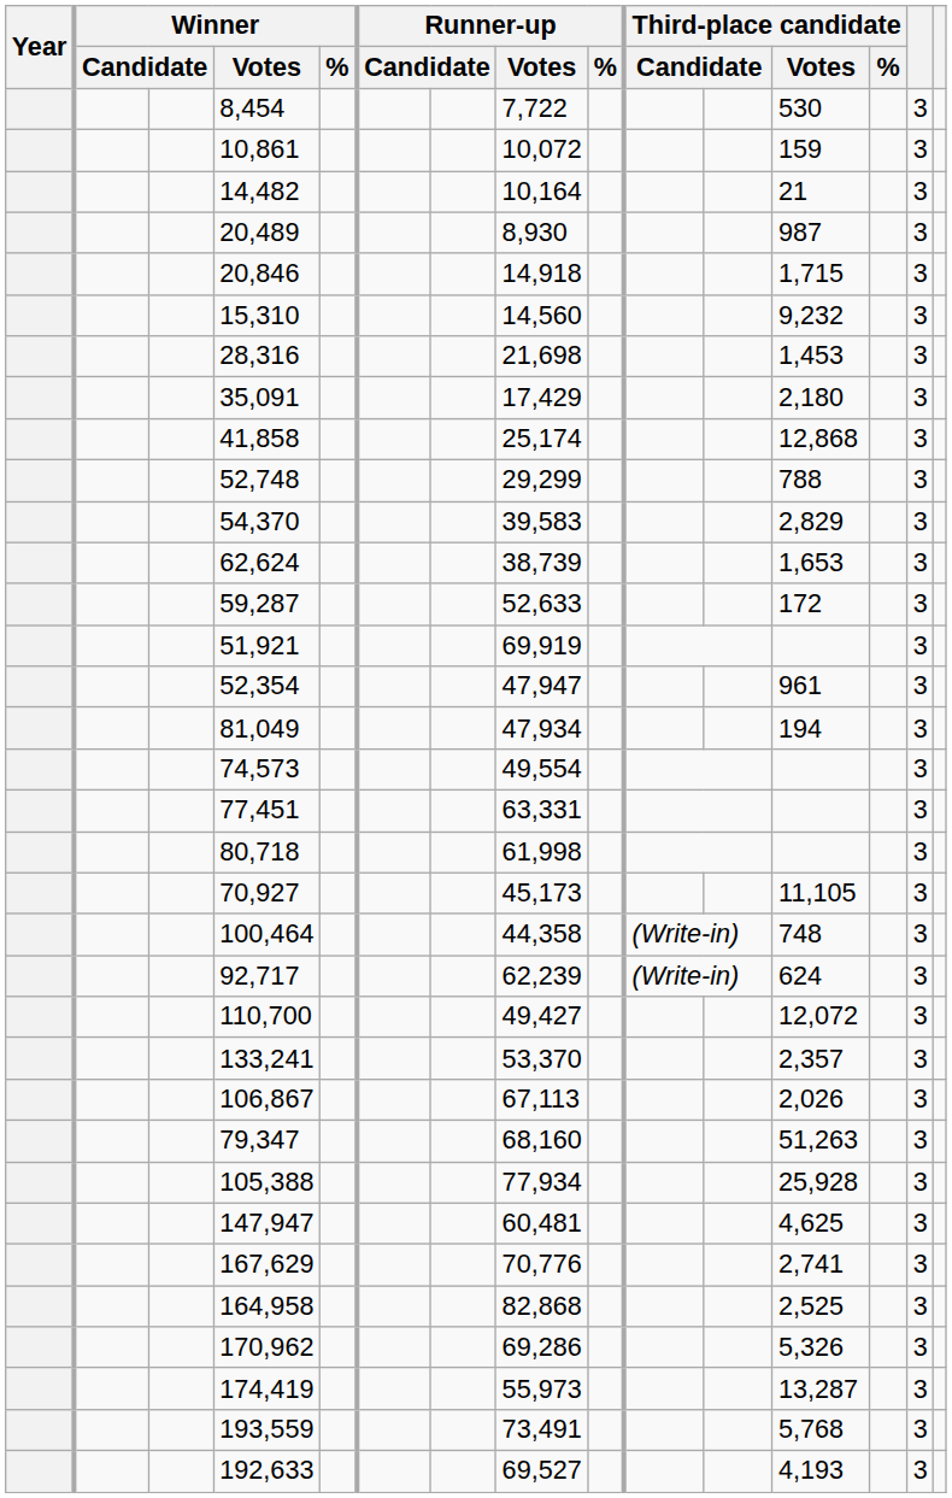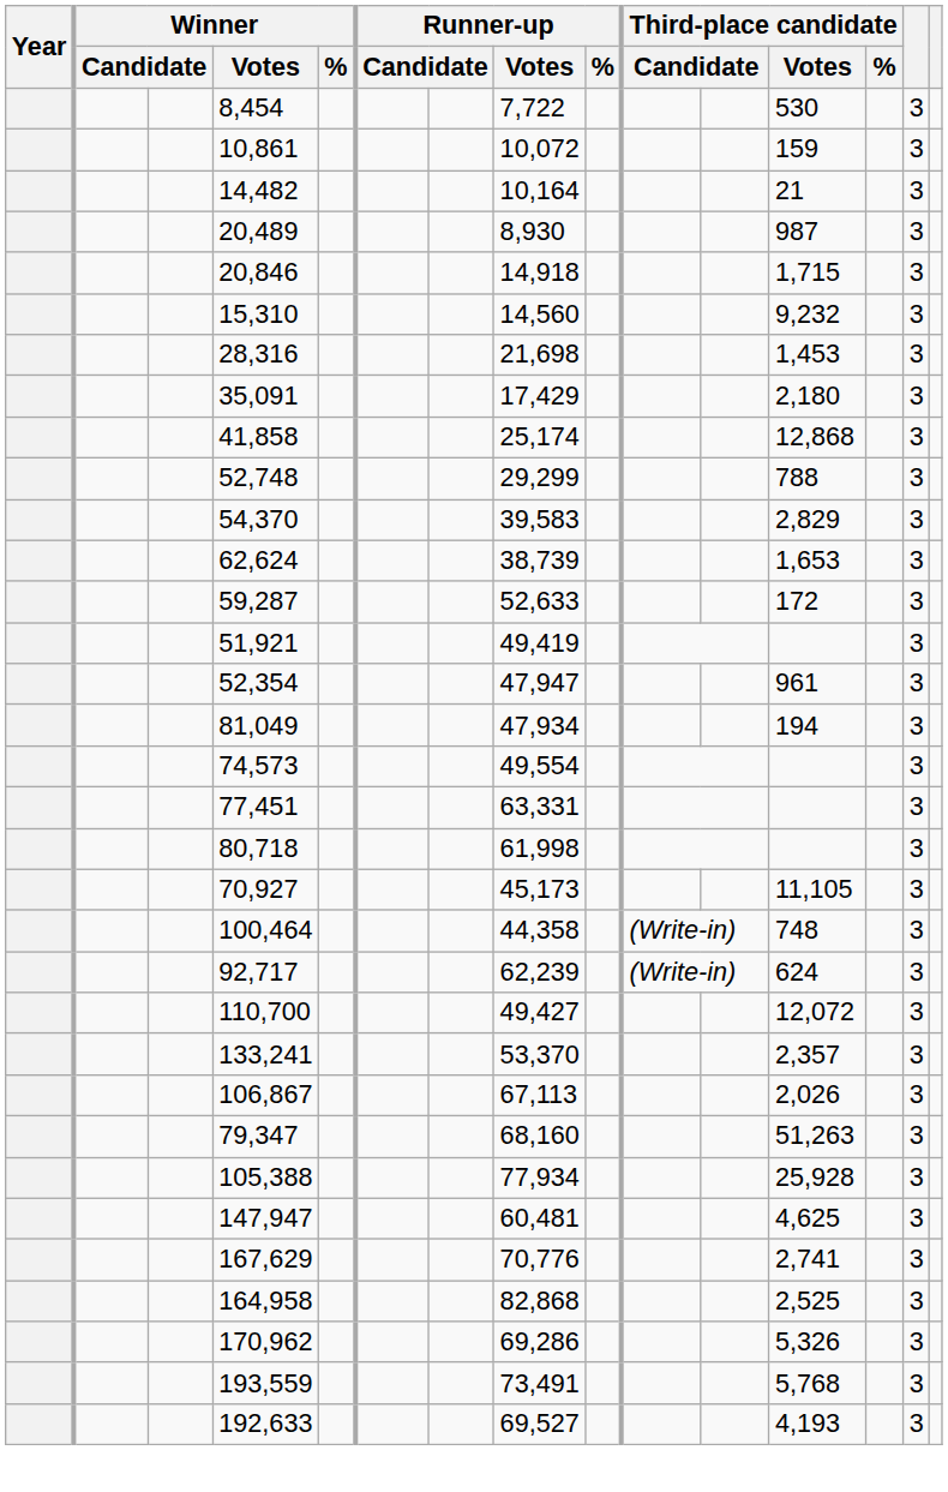 <table class="wikitable sortable">
 <tr>
 <th scope=col rowspan="2">Year</th>
 <th scope="colgroup" style="border-left:3px solid darkgray;" colspan="4">Winner</th>
 <th scope="colgroup" style="border-left:3px solid darkgray;" colspan="4">Runner-up</th>
 <th scope="colgroup" style="border-left:3px solid darkgray;" colspan="4">Third-place candidate</th>
 <th scope="col" rowspan="2"></th>
 <th scope="col" class="unsortable" rowspan="2"></th>
 </tr>
 <tr>
 <th scope="col" style="border-left:3px solid darkgray;" colspan="2">Candidate</th>
 <th scope="col" data-sort-type="number">Votes</th>
 <th scope="col"  data-sort-type="number">%</th>
 <th scope="col" style="border-left:3px solid darkgray;" colspan="2">Candidate</th>
 <th scope="col"  data-sort-type="number">Votes</th>
 <th scope="col"  data-sort-type="number">%</th>
 <th scope="col"  scope="col" style="border-left:3px solid darkgray;" colspan="2">Candidate</th>
 <th scope="col"  data-sort-type="number">Votes</th>
 <th scope="col"  data-sort-type="number">%</th>
 </tr>
 <tr>
 <th scope="row"> </th>
 <td style="border-left:3px solid darkgray; background-color:"></td>
 <td><strong></strong> </td>
 <td>8,454</td>
 <td></td>
 <td style="border-left:3px solid darkgray; background-color:"></td>
 <td> </td>
 <td>7,722</td>
 <td></td>
 <td style="border-left:3px solid darkgray; background-color:"></td>
 <td> </td>
 <td>530</td>
 <td></td>
 <td>3</td>
 <td></td>
 </tr>
 <tr>
 <th scope="row"> </th>
 <td style="border-left:3px solid darkgray; background-color:"></td>
 <td><strong></strong> </td>
 <td>10,861</td>
 <td></td>
 <td style="border-left:3px solid darkgray; background-color:"></td>
 <td>  </td>
 <td>10,072</td>
 <td></td>
 <td style="border-left:3px solid darkgray; background-color:"></td>
 <td> </td>
 <td>159</td>
 <td></td>
 <td>3</td>
 <td></td>
 </tr>
 <tr>
 <th scope="row"> </th>
 <td style="border-left:3px solid darkgray; background-color:"></td>
 <td><strong></strong>  </td>
 <td>14,482</td>
 <td></td>
 <td style="border-left:3px solid darkgray; background-color:"></td>
 <td> </td>
 <td>10,164</td>
 <td></td>
 <td style="border-left:3px solid darkgray; background-color:"></td>
 <td> </td>
 <td>21</td>
 <td></td>
 <td>3</td>
 <td></td>
 </tr>
 <tr>
 <th scope="row"> </th>
 <td style="border-left:3px solid darkgray; background-color:"></td>
 <td><strong></strong>  </td>
 <td>20,489</td>
 <td></td>
 <td style="border-left:3px solid darkgray; background-color:"></td>
 <td> </td>
 <td>8,930</td>
 <td></td>
 <td style="border-left:3px solid darkgray; background-color:"></td>
 <td> </td>
 <td>987</td>
 <td></td>
 <td>3</td>
 <td></td>
 </tr>
 <tr>
 <th scope="row"> </th>
 <td style="border-left:3px solid darkgray; background-color:"></td>
 <td><strong></strong>  </td>
 <td>20,846</td>
 <td></td>
 <td style="border-left:3px solid darkgray; background-color:"></td>
 <td> </td>
 <td>14,918</td>
 <td></td>
 <td style="border-left:3px solid darkgray; background-color:"></td>
 <td> </td>
 <td>1,715</td>
 <td></td>
 <td>3</td>
 <td></td>
 </tr>
 <tr>
 <th scope="row"> </th>
 <td style="border-left:3px solid darkgray; background-color:"></td>
 <td><strong></strong>  </td>
 <td>15,310</td>
 <td></td>
 <td style="border-left:3px solid darkgray; background-color:"></td>
 <td> </td>
 <td>14,560</td>
 <td></td>
 <td style="border-left:3px solid darkgray; background-color:"></td>
 <td> </td>
 <td>9,232</td>
 <td></td>
 <td>3</td>
 <td></td>
 </tr>
 <tr>
 <th scope="row"> </th>
 <td style="border-left:3px solid darkgray; background-color:"></td>
 <td><strong></strong>  </td>
 <td>28,316</td>
 <td></td>
 <td style="border-left:3px solid darkgray; background-color:"></td>
 <td> </td>
 <td>21,698</td>
 <td></td>
 <td style="border-left:3px solid darkgray; background-color:"></td>
 <td> </td>
 <td>1,453</td>
 <td></td>
 <td>3</td>
 <td></td>
 </tr>
 <tr>
 <th scope="row"> </th>
 <td style="border-left:3px solid darkgray; background-color:"></td>
 <td><strong></strong>  </td>
 <td>35,091</td>
 <td></td>
 <td style="border-left:3px solid darkgray; background-color:"></td>
 <td> </td>
 <td>17,429</td>
 <td></td>
 <td style="border-left:3px solid darkgray; background-color:"></td>
 <td> </td>
 <td>2,180</td>
 <td></td>
 <td>3</td>
 <td></td>
 </tr>
 <tr>
 <th scope="row"> </th>
 <td style="border-left:3px solid darkgray; background-color:"></td>
 <td><strong></strong>  </td>
 <td>41,858</td>
 <td></td>
 <td style="border-left:3px solid darkgray; background-color:"></td>
 <td> </td>
 <td>25,174</td>
 <td></td>
 <td style="border-left:3px solid darkgray; background-color:"></td>
 <td> </td>
 <td>12,868</td>
 <td></td>
 <td>3</td>
 <td></td>
 </tr>
 <tr>
 <th scope="row"> </th>
 <td style="border-left:3px solid darkgray; background-color:"></td>
 <td><strong></strong>  </td>
 <td>52,748</td>
 <td></td>
 <td style="border-left:3px solid darkgray; background-color:"></td>
 <td> </td>
 <td>29,299</td>
 <td></td>
 <td style="border-left:3px solid darkgray; background-color:"></td>
 <td> </td>
 <td>788</td>
 <td></td>
 <td>3</td>
 <td></td>
 </tr>
 <tr>
 <th scope="row"> </th>
 <td style="border-left:3px solid darkgray; background-color:"></td>
 <td><strong></strong>  </td>
 <td>54,370</td>
 <td></td>
 <td style="border-left:3px solid darkgray; background-color:"></td>
 <td> </td>
 <td>39,583</td>
 <td></td>
 <td style="border-left:3px solid darkgray; background-color:"></td>
 <td> </td>
 <td>2,829</td>
 <td></td>
 <td>3</td>
 <td></td>
 </tr>
 <tr>
 <th scope="row"> </th>
 <td style="border-left:3px solid darkgray; background-color:"></td>
 <td><strong></strong>  </td>
 <td>62,624</td>
 <td></td>
 <td style="border-left:3px solid darkgray; background-color:"></td>
 <td> </td>
 <td>38,739</td>
 <td></td>
 <td style="border-left:3px solid darkgray; background-color:"></td>
 <td> </td>
 <td>1,653</td>
 <td></td>
 <td>3</td>
 <td></td>
 </tr>
 <tr>
 <th scope="row"> </th>
 <td style="border-left:3px solid darkgray; background-color:"></td>
 <td><strong></strong>  </td>
 <td>59,287</td>
 <td></td>
 <td style="border-left:3px solid darkgray; background-color:"></td>
 <td> </td>
 <td>52,633</td>
 <td></td>
 <td style="border-left:3px solid darkgray; background-color:"></td>
 <td> </td>
 <td>172</td>
 <td></td>
 <td>3</td>
 <td></td>
 </tr>
 <tr>
 <th scope="row"> </th>
 <td style="border-left:3px solid darkgray; background-color:"></td>
 <td><strong></strong> </td>
 <td>51,921</td>
 <td></td>
 <td style="border-left:3px solid darkgray; background-color:"></td>
 <td>  </td>
-<td>69,919</td>
+<td>49,419</td>
 <td></td>
 <td colspan="2" style="border-left:3px solid darkgray;"></td>
 <td></td>
 <td></td>
 <td>3</td>
 <td></td>
 </tr>
 <tr>
 <th scope="row"> </th>
 <td style="border-left:3px solid darkgray; background-color:"></td>
 <td><strong></strong>  </td>
 <td>52,354</td>
 <td></td>
 <td style="border-left:3px solid darkgray; background-color:"></td>
 <td> </td>
 <td>47,947</td>
 <td></td>
 <td style="border-left:3px solid darkgray; background-color:"></td>
 <td> </td>
 <td>961</td>
 <td></td>
 <td>3</td>
 <td></td>
 </tr>
 <tr>
 <th scope="row"> </th>
 <td style="border-left:3px solid darkgray; background-color:"></td>
 <td><strong></strong>  </td>
 <td>81,049</td>
 <td></td>
 <td style="border-left:3px solid darkgray; background-color:"></td>
 <td> </td>
 <td>47,934</td>
 <td></td>
 <td style="border-left:3px solid darkgray; background-color:"></td>
 <td> </td>
 <td>194</td>
 <td></td>
 <td>3</td>
 <td></td>
 </tr>
 <tr>
 <th scope="row"> </th>
 <td style="border-left:3px solid darkgray; background-color:"></td>
 <td><strong></strong>  </td>
 <td>74,573</td>
 <td></td>
 <td style="border-left:3px solid darkgray; background-color:"></td>
 <td> </td>
 <td>49,554</td>
 <td></td>
 <td colspan="2" style="border-left:3px solid darkgray;"></td>
 <td></td>
 <td></td>
 <td>3</td>
 <td></td>
 </tr>
 <tr>
 <th scope="row"> </th>
 <td style="border-left:3px solid darkgray; background-color:"></td>
 <td><strong></strong> </td>
 <td>77,451</td>
 <td></td>
 <td style="border-left:3px solid darkgray; background-color:"></td>
 <td>  </td>
 <td>63,331</td>
 <td></td>
 <td colspan="2" style="border-left:3px solid darkgray;"></td>
 <td></td>
 <td></td>
 <td>3</td>
 <td></td>
 </tr>
 <tr>
 <th scope="row"> </th>
 <td style="border-left:3px solid darkgray; background-color:"></td>
 <td><strong></strong>  </td>
 <td>80,718</td>
 <td></td>
 <td style="border-left:3px solid darkgray; background-color:"></td>
 <td> </td>
 <td>61,998</td>
 <td></td>
 <td colspan="2" style="border-left:3px solid darkgray;"></td>
 <td></td>
 <td></td>
 <td>3</td>
 <td></td>
 </tr>
 <tr>
 <th scope="row"> </th>
 <td style="border-left:3px solid darkgray; background-color:"></td>
 <td><strong></strong>  </td>
 <td>70,927</td>
 <td></td>
 <td style="border-left:3px solid darkgray; background-color:"></td>
 <td> </td>
 <td>45,173</td>
 <td></td>
 <td style="border-left:3px solid darkgray; background-color:"></td>
 <td> </td>
 <td>11,105</td>
 <td></td>
 <td>3</td>
 <td></td>
 </tr>
 <tr>
 <th scope="row"> </th>
 <td style="border-left:3px solid darkgray; background-color:"></td>
 <td><strong></strong>  </td>
 <td>100,464</td>
 <td></td>
 <td style="border-left:3px solid darkgray; background-color:"></td>
 <td> </td>
 <td>44,358</td>
 <td></td>
 <td colspan="2" style="border-left:3px solid darkgray;"> <em>(Write-in)</em></td>
 <td>748</td>
 <td></td>
 <td>3</td>
 <td></td>
 </tr>
 <tr>
 <th scope="row"> </th>
 <td style="border-left:3px solid darkgray; background-color:"></td>
 <td><strong></strong> </td>
 <td>92,717</td>
 <td></td>
 <td style="border-left:3px solid darkgray; background-color:"></td>
 <td>  </td>
 <td>62,239</td>
 <td></td>
 <td colspan="2" style="border-left:3px solid darkgray;"> <em>(Write-in)</em></td>
 <td>624</td>
 <td></td>
 <td>3</td>
 <td></td>
 </tr>
 <tr>
 <th scope="row"> </th>
 <td style="border-left:3px solid darkgray; background-color:"></td>
 <td><strong></strong>  </td>
 <td>110,700</td>
 <td></td>
 <td style="border-left:3px solid darkgray; background-color:"></td>
 <td> </td>
 <td>49,427</td>
 <td></td>
 <td style="border-left:3px solid darkgray; background-color:"></td>
 <td> </td>
 <td>12,072</td>
 <td></td>
 <td>3</td>
 <td></td>
 </tr>
 <tr>
 <th scope="row"> </th>
 <td style="border-left:3px solid darkgray; background-color:"></td>
 <td><strong></strong>  </td>
 <td>133,241</td>
 <td></td>
 <td style="border-left:3px solid darkgray; background-color:"></td>
 <td> </td>
 <td>53,370</td>
 <td></td>
 <td style="border-left:3px solid darkgray; background-color:"></td>
 <td> </td>
 <td>2,357</td>
 <td></td>
 <td>3</td>
 <td></td>
 </tr>
 <tr>
 <th scope="row"> </th>
 <td style="border-left:3px solid darkgray; background-color:"></td>
 <td><strong></strong>  </td>
 <td>106,867</td>
 <td></td>
 <td style="border-left:3px solid darkgray; background-color:"></td>
 <td> </td>
 <td>67,113</td>
 <td></td>
 <td style="border-left:3px solid darkgray; background-color:"></td>
 <td> </td>
 <td>2,026</td>
 <td></td>
 <td>3</td>
 <td></td>
 </tr>
 <tr>
 <th scope="row"> </th>
 <td style="border-left:3px solid darkgray; background-color:"></td>
 <td><strong></strong> </td>
 <td>79,347</td>
 <td></td>
 <td style="border-left:3px solid darkgray; background-color:"></td>
 <td>  </td>
 <td>68,160</td>
 <td></td>
 <td style="border-left:3px solid darkgray; background-color:"></td>
 <td> </td>
 <td>51,263</td>
 <td></td>
 <td>3</td>
 <td></td>
 </tr>
 <tr>
 <th scope="row"> </th>
 <td style="border-left:3px solid darkgray; background-color:"></td>
 <td><strong></strong> </td>
 <td>105,388</td>
 <td></td>
 <td style="border-left:3px solid darkgray; background-color:"></td>
 <td>  </td>
 <td>77,934</td>
 <td></td>
 <td style="border-left:3px solid darkgray; background-color:"></td>
 <td> </td>
 <td>25,928</td>
 <td></td>
 <td>3</td>
 <td></td>
 </tr>
 <tr>
 <th scope="row"> </th>
 <td style="border-left:3px solid darkgray; background-color:"></td>
 <td><strong></strong>  </td>
 <td>147,947</td>
 <td></td>
 <td style="border-left:3px solid darkgray; background-color:"></td>
 <td> </td>
 <td>60,481</td>
 <td></td>
 <td style="border-left:3px solid darkgray; background-color:"></td>
 <td> </td>
 <td>4,625</td>
 <td></td>
 <td>3</td>
 <td></td>
 </tr>
 <tr>
 <th scope="row"> </th>
 <td style="border-left:3px solid darkgray; background-color:"></td>
 <td><strong></strong>  </td>
 <td>167,629</td>
 <td></td>
 <td style="border-left:3px solid darkgray; background-color:"></td>
 <td> </td>
 <td>70,776</td>
 <td></td>
 <td style="border-left:3px solid darkgray; background-color:"></td>
 <td> </td>
 <td>2,741</td>
 <td></td>
 <td>3</td>
 <td></td>
 </tr>
 <tr>
 <th scope="row"> </th>
 <td style="border-left:3px solid darkgray; background-color:"></td>
 <td><strong></strong> </td>
 <td>164,958</td>
 <td></td>
 <td style="border-left:3px solid darkgray; background-color:"></td>
 <td>  </td>
 <td>82,868</td>
 <td></td>
 <td style="border-left:3px solid darkgray; background-color:"></td>
 <td> </td>
 <td>2,525</td>
 <td></td>
 <td>3</td>
 <td></td>
 </tr>
 <tr>
 <th scope="row"> </th>
 <td style="border-left:3px solid darkgray; background-color:"></td>
 <td><strong></strong> </td>
 <td>170,962</td>
 <td></td>
 <td style="border-left:3px solid darkgray; background-color:"></td>
 <td>  </td>
 <td>69,286</td>
 <td></td>
 <td style="border-left:3px solid darkgray; background-color:"></td>
 <td> </td>
 <td>5,326</td>
 <td></td>
 <td>3</td>
 <td></td>
 </tr>
 <tr>
 <th scope="row"> </th>
 <td style="border-left:3px solid darkgray; background-color:"></td>
-<td><strong></strong>  </td>
-<td>174,419</td>
-<td></td>
-<td style="border-left:3px solid darkgray; background-color:"></td>
-<td> </td>
-<td>55,973</td>
-<td></td>
-<td style="border-left:3px solid darkgray; background-color:"></td>
-<td> </td>
-<td>13,287</td>
-<td></td>
-<td>3</td>
-<td></td>
-</tr>
-<tr>
-<th scope="row"> </th>
-<td style="border-left:3px solid darkgray; background-color:"></td>
 <td><strong></strong> </td>
 <td>193,559</td>
 <td></td>
 <td style="border-left:3px solid darkgray; background-color:"></td>
 <td>  </td>
 <td>73,491</td>
 <td></td>
 <td style="border-left:3px solid darkgray; background-color:"></td>
 <td> </td>
 <td>5,768</td>
 <td></td>
 <td>3</td>
 <td></td>
 </tr>
 <tr>
 <th> </th>
 <td style="border-left:3px solid darkgray; background-color:"></td>
 <td><strong></strong>  </td>
 <td>192,633</td>
 <td></td>
 <td style="border-left:3px solid darkgray; background-color:"></td>
 <td> </td>
 <td>69,527</td>
 <td></td>
 <td style="border-left:3px solid darkgray; background-color:"></td>
 <td> </td>
 <td>4,193</td>
 <td></td>
 <td>3</td>
 <td></td>
 </tr>
 </table>
